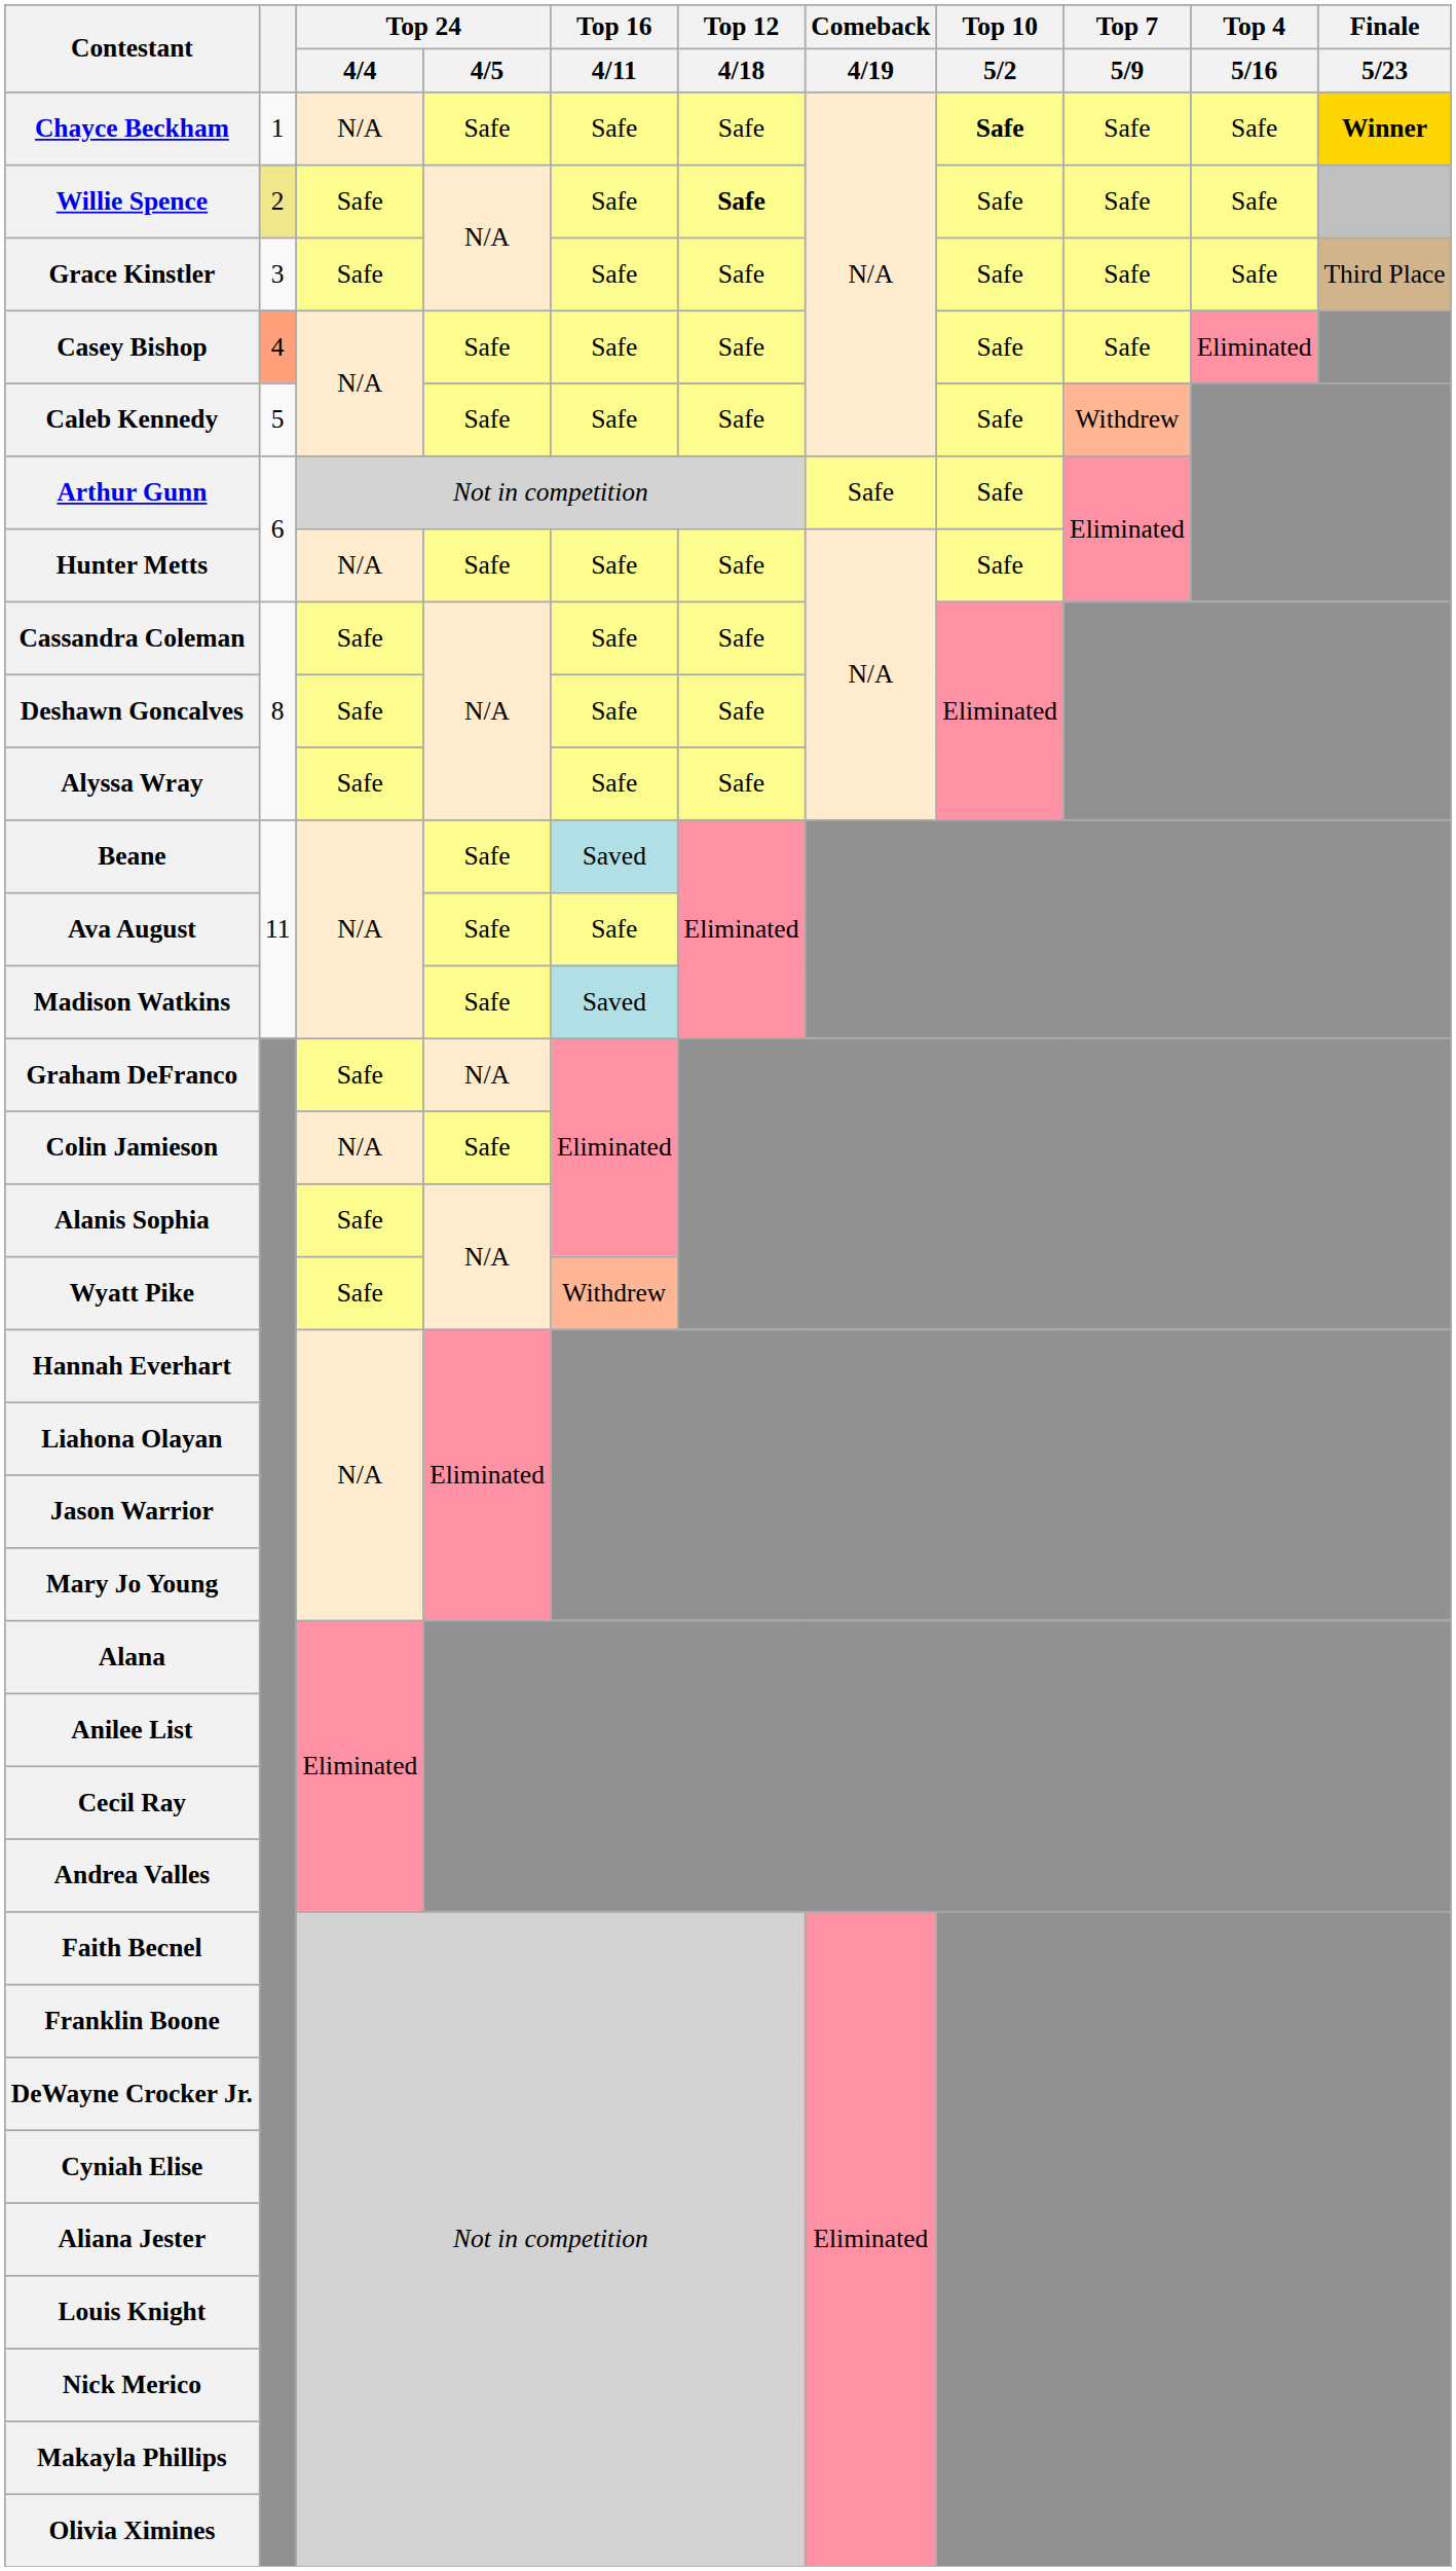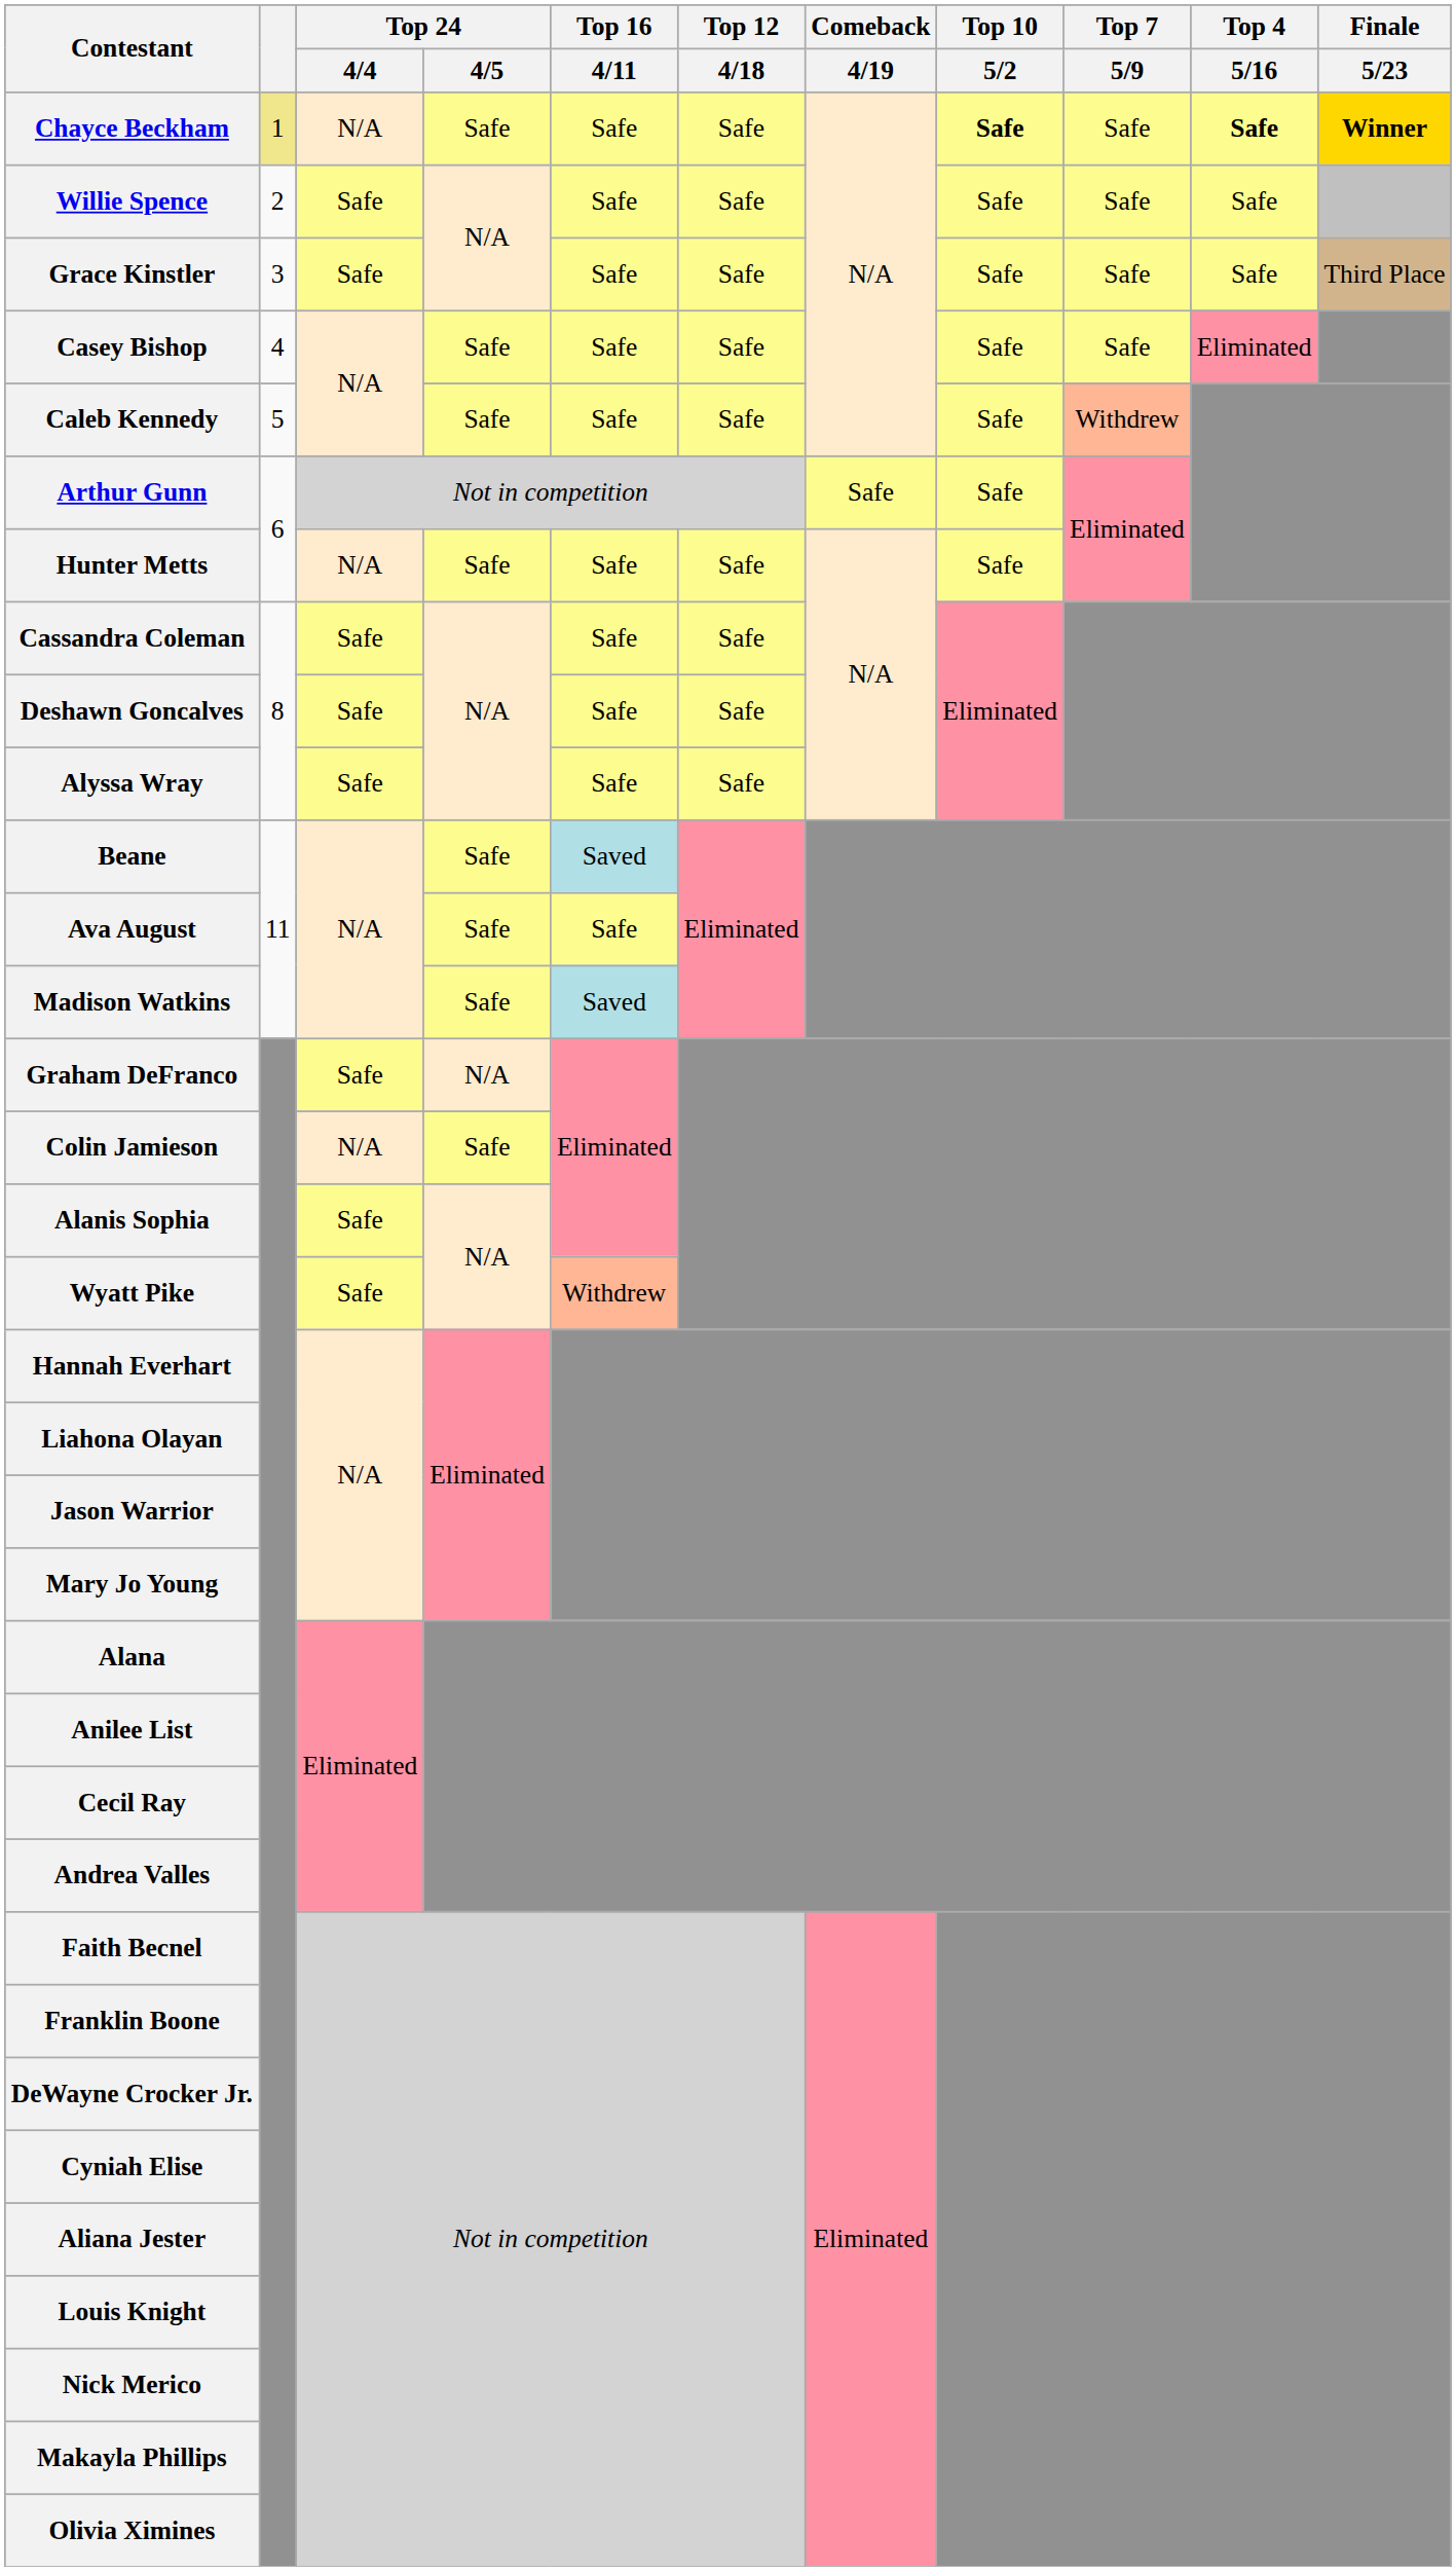 <table class="wikitable" style="text-align:center; font-size:90%;">
 <tr>
 <th rowspan="2" scope="col">Contestant</th>
 <th rowspan="2" scope="col"></th>
 <th colspan="2" scope="col">Top 24</th>
 <th scope="col">Top 16</th>
 <th scope="col">Top 12</th>
 <th scope="col">Comeback<em></em></th>
 <th scope="col">Top 10</th>
 <th scope="col">Top 7</th>
 <th scope="col">Top 4</th>
 <th scope="col">Finale</th>
 </tr>
 <tr>
 <th>4/4</th>
 <th>4/5</th>
 <th>4/11</th>
 <th>4/18</th>
 <th>4/19</th>
 <th>5/2</th>
 <th>5/9</th>
 <th>5/16</th>
 <th>5/23</th>
 </tr>
 <tr style="height:40px">
 <th scope="row"><a href='#'>Chayce Beckham</a></th>
-<td>1</td>
+<td style="background: khaki;">1</td>
 <td style="background:#FFEBCD;">N/A</td>
 <td style="background:#FDFC8F;">Safe</td>
 <td style="background:#FDFC8F;">Safe</td>
 <td style="background:#FDFC8F;">Safe</td>
 <td style="background:#FFEBCD;" rowspan="5">N/A</td>
 <td style="background:#FDFC8F;"><strong>Safe</strong></td>
 <td style="background:#FDFC8F;">Safe</td>
-<td style="background:#FDFC8F;">Safe</td>
+<td style="background:#FDFC8F;"><strong>Safe</strong></td>
 <td style="background:gold;"><strong>Winner</strong></td>
 </tr>
 <tr style="height:40px">
 <th scope="row"><a href='#'>Willie Spence</a></th>
-<td style="background: khaki;">2</td>
+<td>2</td>
 <td style="background:#FDFC8F;">Safe</td>
 <td style="background:#FFEBCD;" rowspan="2">N/A</td>
 <td style="background:#FDFC8F;">Safe</td>
-<td style="background:#FDFC8F;"><strong>Safe</strong></td>
+<td style="background:#FDFC8F;">Safe</td>
 <td style="background:#FDFC8F;">Safe</td>
 <td style="background:#FDFC8F;">Safe</td>
 <td style="background:#FDFC8F;">Safe</td>
 <td style="background:silver;"></td>
 </tr>
 <tr style="height:40px">
 <th scope="row">Grace Kinstler</th>
 <td>3</td>
 <td style="background:#FDFC8F;">Safe</td>
 <td style="background:#FDFC8F;">Safe</td>
 <td style="background:#FDFC8F;">Safe</td>
 <td style="background:#FDFC8F;">Safe</td>
 <td style="background:#FDFC8F;">Safe</td>
 <td style="background:#FDFC8F;">Safe</td>
 <td style="background:tan;">Third Place</td>
 </tr>
 <tr style="height:40px">
 <th scope="row">Casey Bishop</th>
-<td style="background: lightsalmon;">4</td>
+<td>4</td>
 <td rowspan="2" style="background:#FFEBCD;">N/A</td>
 <td style="background:#FDFC8F;">Safe</td>
 <td style="background:#FDFC8F;">Safe</td>
 <td style="background:#FDFC8F;">Safe</td>
 <td style="background:#FDFC8F;">Safe</td>
 <td style="background:#FDFC8F;">Safe</td>
 <td style="background:#FF91A4;">Eliminated</td>
 <td style="background:#919191;"></td>
 </tr>
 <tr style="height:40px">
 <th scope="row">Caleb Kennedy</th>
 <td>5</td>
 <td style="background:#FDFC8F;">Safe</td>
 <td style="background:#FDFC8F;">Safe</td>
 <td style="background:#FDFC8F;">Safe</td>
 <td style="background:#FDFC8F;">Safe</td>
 <td style="background:#FFB694;">Withdrew</td>
 <td style="background:#919191;" colspan="2" rowspan="3"></td>
 </tr>
 <tr style="height:40px">
 <th scope="row"><a href='#'>Arthur Gunn</a></th>
 <td rowspan="2">6</td>
 <td colspan="4" style="background:lightgray;"><em>Not in competition</em></td>
 <td style="background:#FDFC8F;">Safe</td>
 <td style="background:#FDFC8F;">Safe</td>
 <td style="background:#FF91A4;" rowspan="2">Eliminated</td>
 </tr>
 <tr style="height:40px">
 <th scope="row">Hunter Metts</th>
 <td style="background:#FFEBCD;">N/A</td>
 <td style="background:#FDFC8F;">Safe</td>
 <td style="background:#FDFC8F;">Safe</td>
 <td style="background:#FDFC8F;">Safe</td>
 <td style="background:#FFEBCD;" rowspan="4">N/A</td>
 <td style="background:#FDFC8F;">Safe</td>
 </tr>
 <tr style="height:40px">
 <th scope="row">Cassandra Coleman</th>
 <td rowspan="3">8</td>
 <td style="background:#FDFC8F;">Safe</td>
 <td style="background:#FFEBCD;" rowspan="3">N/A</td>
 <td style="background:#FDFC8F;">Safe</td>
 <td style="background:#FDFC8F;">Safe</td>
 <td style="background:#FF91A4;" rowspan="3">Eliminated</td>
 <td style="background:#919191;" colspan="3" rowspan="3"></td>
 </tr>
 <tr style="height:40px">
 <th scope="row">Deshawn Goncalves</th>
 <td style="background:#FDFC8F;">Safe</td>
 <td style="background:#FDFC8F;">Safe</td>
 <td style="background:#FDFC8F;">Safe</td>
 </tr>
 <tr style="height:40px">
 <th scope="row">Alyssa Wray</th>
 <td style="background:#FDFC8F;">Safe</td>
 <td style="background:#FDFC8F;">Safe</td>
 <td style="background:#FDFC8F;">Safe</td>
 </tr>
 <tr style="height:40px">
 <th scope="row">Beane</th>
 <td rowspan="3">11</td>
 <td rowspan="3" style="background:#FFEBCD;">N/A</td>
 <td style="background:#FDFC8F;">Safe</td>
 <td style="background:#B0E0E6;">Saved</td>
 <td style="background:#FF91A4;" rowspan="3">Eliminated</td>
 <td style="background:#919191;" colspan="5" rowspan="3"></td>
 </tr>
 <tr style="height:40px">
 <th scope="row">Ava August</th>
 <td style="background:#FDFC8F;">Safe</td>
 <td style="background:#FDFC8F;">Safe</td>
 </tr>
 <tr style="height:40px">
 <th scope="row">Madison Watkins</th>
 <td style="background:#FDFC8F;">Safe</td>
 <td style="background:#B0E0E6;">Saved</td>
 </tr>
 <tr style="height:40px">
 <th scope="row">Graham DeFranco</th>
 <td rowspan="21" bgcolor="919191"></td>
 <td style="background:#FDFC8F;">Safe</td>
 <td style="background:#FFEBCD;">N/A</td>
 <td style="background:#FF91A4;" rowspan="3">Eliminated</td>
 <td colspan="6" rowspan="4" style="background:#919191;"></td>
 </tr>
 <tr style="height:40px">
 <th scope="row">Colin Jamieson</th>
 <td style="background:#FFEBCD;">N/A</td>
 <td style="background:#FDFC8F;">Safe</td>
 </tr>
 <tr style="height:40px">
 <th scope="row">Alanis Sophia</th>
 <td style="background:#FDFC8F;">Safe</td>
 <td style="background:#FFEBCD;" rowspan="2">N/A</td>
 </tr>
 <tr style="height:40px">
 <th scope="row">Wyatt Pike</th>
 <td style="background:#FDFC8F;">Safe</td>
 <td style="background:#FFB694;">Withdrew</td>
 </tr>
 <tr style="height:40px">
 <th scope="row">Hannah Everhart</th>
 <td style="background:#FFEBCD;" rowspan="4">N/A</td>
 <td style="background:#FF91A4;" rowspan="4">Eliminated</td>
 <td style="background:#919191;" colspan="7" rowspan="4"></td>
 </tr>
 <tr style="height:40px">
 <th scope="row">Liahona Olayan</th>
 </tr>
 <tr style="height:40px">
 <th scope="row">Jason Warrior</th>
 </tr>
 <tr style="height:40px">
 <th scope="row">Mary Jo Young</th>
 </tr>
 <tr style="height:40px">
 <th scope="row">Alana</th>
 <td style="background:#FF91A4;" rowspan="4">Eliminated</td>
 <td style="background:#919191;" colspan="8" rowspan="4"></td>
 </tr>
 <tr style="height:40px">
 <th scope="row">Anilee List</th>
 </tr>
 <tr style="height:40px">
 <th scope="row">Cecil Ray</th>
 </tr>
 <tr style="height:40px">
 <th scope="row">Andrea Valles</th>
 </tr>
 <tr style="height:40px">
 <th scope="row">Faith Becnel</th>
 <td style="background:lightgray;" colspan="4" rowspan="9"><em>Not in competition</em></td>
 <td style="background:#FF91A4;" rowspan="9">Eliminated</td>
 <td style="background:#919191;" colspan="4" rowspan="9"></td>
 </tr>
 <tr style="height:40px">
 <th scope="row">Franklin Boone</th>
 </tr>
 <tr style="height:40px">
 <th scope="row">DeWayne Crocker Jr.</th>
 </tr>
 <tr style="height:40px">
 <th scope="row">Cyniah Elise</th>
 </tr>
 <tr style="height:40px">
 <th scope="row">Aliana Jester</th>
 </tr>
 <tr style="height:40px">
 <th scope="row">Louis Knight</th>
 </tr>
 <tr style="height:40px">
 <th scope="row">Nick Merico</th>
 </tr>
 <tr style="height:40px">
 <th scope="row">Makayla Phillips</th>
 </tr>
 <tr style="height:40px">
 <th scope="row">Olivia Ximines</th>
 </tr>
 </table>
